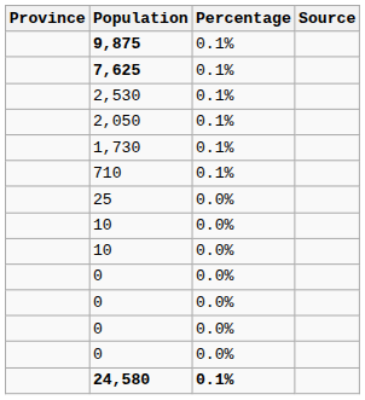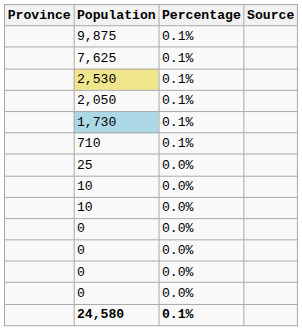 <table class="wikitable sortable">
 <tr>
 </tr>
 <tr>
 <th>Province</th>
 <th>Population</th>
 <th>Percentage</th>
 <th>Source</th>
 </tr>
 <tr>
 <td></td>
-<td><strong>9,875</strong></td>
+<td>9,875</td>
 <td>0.1%</td>
 <td></td>
 </tr>
 <tr>
 <td></td>
-<td><strong>7,625</strong></td>
+<td>7,625</td>
 <td>0.1%</td>
 <td></td>
 </tr>
 <tr>
 <td></td>
-<td>2,530</td>
+<td style="background: khaki;">2,530</td>
 <td>0.1%</td>
 <td></td>
 </tr>
 <tr>
 <td></td>
 <td>2,050</td>
 <td>0.1%</td>
 <td></td>
 </tr>
 <tr>
 <td></td>
-<td>1,730</td>
+<td style="background: lightblue;">1,730</td>
 <td>0.1%</td>
 <td></td>
 </tr>
 <tr>
 <td></td>
 <td>710</td>
 <td>0.1%</td>
 <td></td>
 </tr>
 <tr>
 <td></td>
 <td>25</td>
 <td>0.0%</td>
 <td></td>
 </tr>
 <tr>
 <td></td>
 <td>10</td>
 <td>0.0%</td>
 <td></td>
 </tr>
 <tr>
 <td></td>
 <td>10</td>
 <td>0.0%</td>
 <td></td>
 </tr>
 <tr>
 <td></td>
 <td>0</td>
 <td>0.0%</td>
 <td></td>
 </tr>
 <tr>
 <td></td>
 <td>0</td>
 <td>0.0%</td>
 <td></td>
 </tr>
 <tr>
 <td></td>
 <td>0</td>
 <td>0.0%</td>
 <td></td>
 </tr>
 <tr>
 <td></td>
 <td>0</td>
 <td>0.0%</td>
 <td></td>
 </tr>
 <tr>
 <td></td>
 <td><strong>24,580</strong></td>
 <td><strong>0.1%</strong></td>
 <td></td>
 </tr>
 </table>
